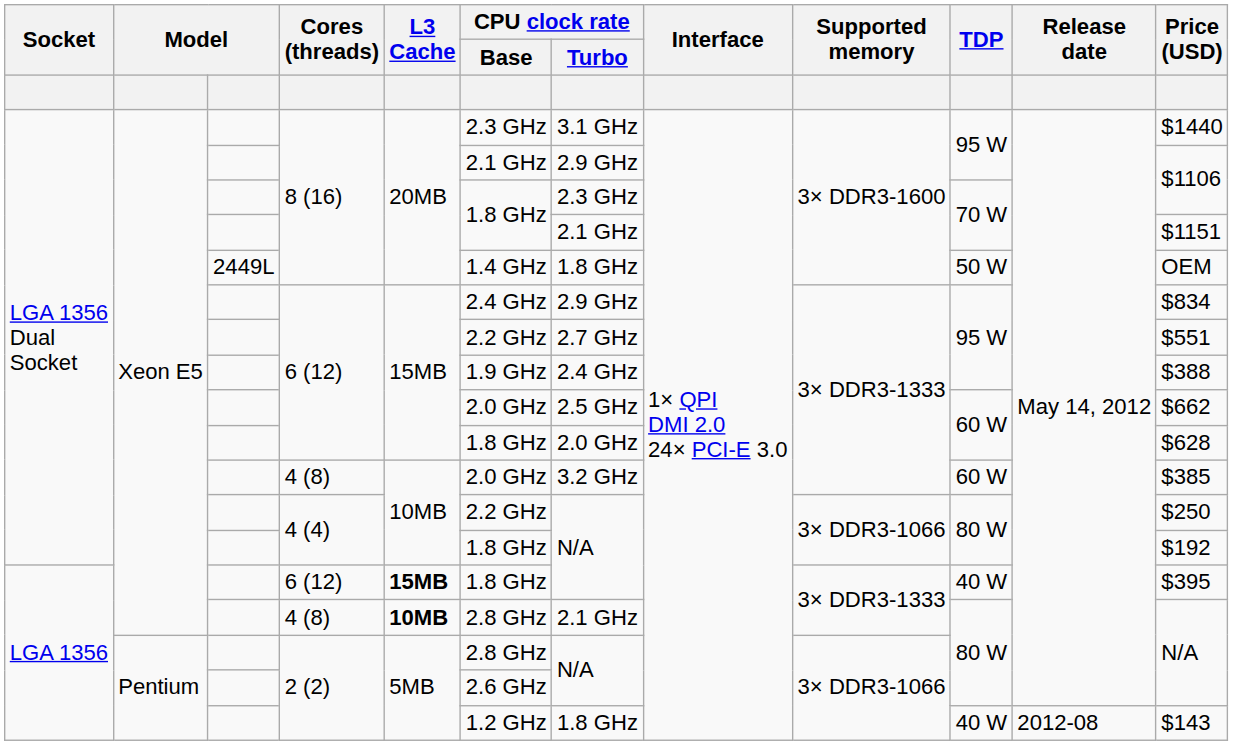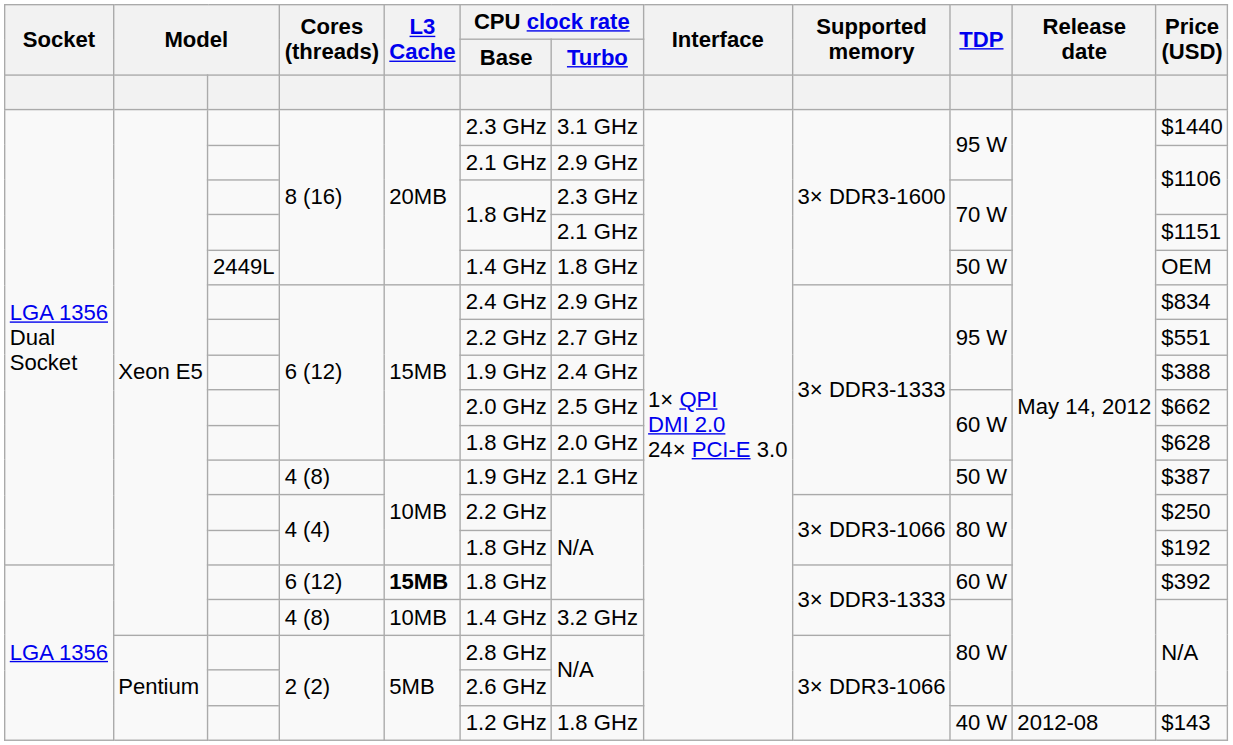 <table class="wikitable sortable hover-highlight">
 <tr>
 <th rowspan="2">Socket</th>
 <th colspan="2" rowspan="2">Model</th>
 <th rowspan="2">Cores<br>(threads)</th>
 <th rowspan="2"><a href='#'>L3<br>Cache</a></th>
 <th colspan="2">CPU <a href='#'>clock rate</a></th>
 <th rowspan="2">Interface</th>
 <th rowspan="2">Supported<br>memory</th>
 <th rowspan="2"><a href='#'>TDP</a></th>
 <th rowspan="2">Release<br>date</th>
 <th rowspan="2">Price<br>(USD)</th>
 </tr>
 <tr>
 <th>Base</th>
 <th><a href='#'>Turbo</a></th>
 </tr>
 <tr>
 <th style="background-position:center"><br></th>
 <th style="background-position:center"></th>
 <th style="background-position:center"></th>
 <th style="background-position:center"></th>
 <th style="background-position:center"></th>
 <th style="background-position:center"></th>
 <th style="background-position:center"></th>
 <th style="background-position:center"></th>
 <th style="background-position:center"></th>
 <th style="background-position:center"></th>
 <th style="background-position:center"></th>
 <th style="background-position:center"></th>
 </tr>
 <tr>
 <td rowspan="13"><a href='#'>LGA 1356</a><br>Dual<br>Socket</td>
 <td rowspan="15">Xeon E5</td>
 <td></td>
 <td rowspan="5">8 (16)</td>
 <td rowspan="5">20MB</td>
 <td>2.3 GHz</td>
 <td>3.1 GHz</td>
 <td rowspan="18">1× <a href='#'>QPI</a><br><a href='#'>DMI 2.0</a><br>24× <a href='#'>PCI-E</a> 3.0</td>
 <td rowspan="5">3× DDR3-1600</td>
 <td rowspan="2">95 W</td>
 <td rowspan="17">May 14, 2012</td>
 <td>$1440</td>
 </tr>
 <tr>
 <td></td>
 <td>2.1 GHz</td>
 <td>2.9 GHz</td>
 <td rowspan="2">$1106</td>
 </tr>
 <tr>
 <td></td>
 <td rowspan="2">1.8 GHz</td>
 <td>2.3 GHz</td>
 <td rowspan="2">70 W</td>
 </tr>
 <tr>
 <td></td>
 <td>2.1 GHz</td>
 <td>$1151</td>
 </tr>
 <tr>
 <td>2449L</td>
 <td>1.4 GHz</td>
 <td>1.8 GHz</td>
 <td>50 W</td>
 <td>OEM</td>
 </tr>
 <tr>
 <td></td>
 <td rowspan="5">6 (12)</td>
 <td rowspan="5">15MB</td>
 <td>2.4 GHz</td>
 <td>2.9 GHz</td>
 <td rowspan="6">3× DDR3-1333</td>
 <td rowspan="3">95 W</td>
 <td>$834</td>
 </tr>
 <tr>
 <td></td>
 <td>2.2 GHz</td>
 <td>2.7 GHz</td>
 <td>$551</td>
 </tr>
 <tr>
 <td></td>
 <td>1.9 GHz</td>
 <td>2.4 GHz</td>
 <td>$388</td>
 </tr>
 <tr>
 <td></td>
 <td>2.0 GHz</td>
 <td>2.5 GHz</td>
 <td rowspan="2">60 W</td>
 <td>$662</td>
 </tr>
 <tr>
 <td></td>
 <td>1.8 GHz</td>
 <td>2.0 GHz</td>
 <td>$628</td>
 </tr>
 <tr>
 <td></td>
 <td>4 (8)</td>
 <td rowspan="3">10MB</td>
-<td>2.0 GHz</td>
-<td>3.2 GHz</td>
-<td>60 W</td>
-<td>$385</td>
+<td>1.9 GHz</td>
+<td>2.1 GHz</td>
+<td>50 W</td>
+<td>$387</td>
 </tr>
 <tr>
 <td></td>
 <td rowspan="2">4 (4)</td>
 <td>2.2 GHz</td>
 <td rowspan="3">N/A</td>
 <td rowspan="2">3× DDR3-1066</td>
 <td rowspan="2">80 W</td>
 <td>$250</td>
 </tr>
 <tr>
 <td></td>
 <td>1.8 GHz</td>
 <td>$192</td>
 </tr>
 <tr>
 <td rowspan="5"><a href='#'>LGA 1356</a></td>
 <td></td>
 <td>6 (12)</td>
 <td><strong>15MB</strong></td>
 <td>1.8 GHz</td>
 <td rowspan="2">3× DDR3-1333</td>
-<td>40 W</td>
-<td>$395</td>
+<td>60 W</td>
+<td>$392</td>
 </tr>
 <tr>
 <td></td>
 <td>4 (8)</td>
-<td><strong>10MB</strong></td>
-<td>2.8 GHz</td>
-<td>2.1 GHz</td>
+<td>10MB</td>
+<td>1.4 GHz</td>
+<td>3.2 GHz</td>
 <td rowspan="3">80 W</td>
 <td rowspan="3">N/A</td>
 </tr>
 <tr>
 <td rowspan="3">Pentium</td>
 <td></td>
 <td rowspan="3">2 (2)</td>
 <td rowspan="3">5MB</td>
 <td>2.8 GHz</td>
 <td rowspan="2">N/A</td>
 <td rowspan="3">3× DDR3-1066</td>
 </tr>
 <tr>
 <td></td>
 <td>2.6 GHz</td>
 </tr>
 <tr>
 <td></td>
 <td>1.2 GHz</td>
 <td>1.8 GHz</td>
 <td>40 W</td>
 <td>2012-08</td>
 <td>$143</td>
 </tr>
 </table>
